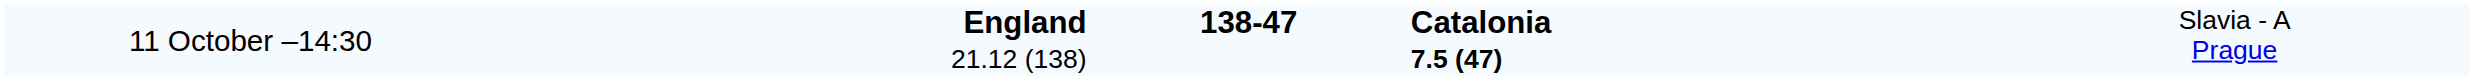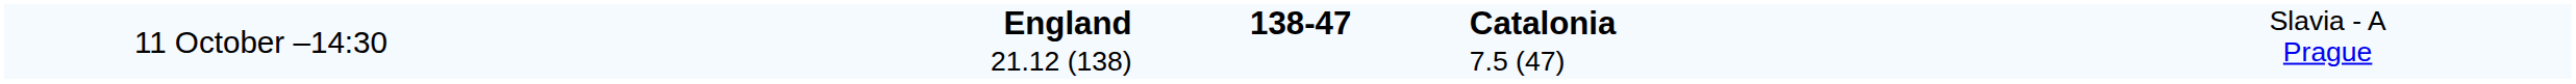 <table style="width: 100%; background:#F5FAFF;" cellspacing="0">
 <tr>
 <td style=font-size:95% align=center rowspan=3 width=20%>11 October –14:30</td>
 </tr>
 <tr>
 <td width=24% align=right><strong>England</strong> </td>
 <td align=center width=13%><strong>138-47</strong></td>
 <td width=24%> <strong>Catalonia</strong></td>
 <td style=font-size:85% rowspan=3 valign=top align=center>Slavia - A <br><a href='#'>Prague</a></td>
 </tr>
 <tr style=font-size:85%>
 <td align=right>21.12 (138)</td>
 <td align=center></td>
-<td><strong>7.5 (47)</strong></td>
+<td>7.5 (47)</td>
 </tr>
 </table>
